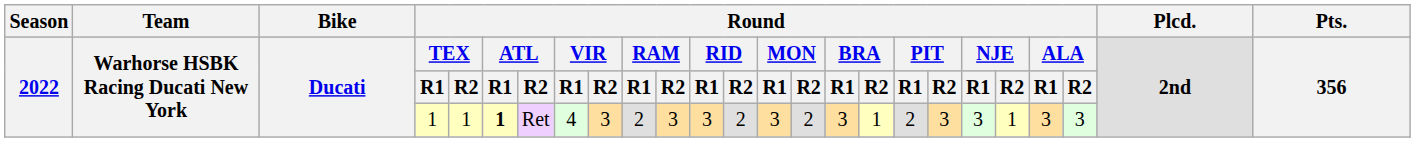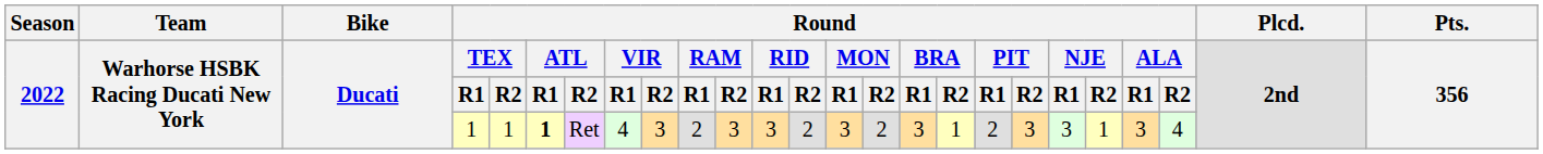 <table class="wikitable" style="font-size: 85%; text-align: center">
 <tr valign="top">
 <th valign="middle" style="width: 40px;">Season</th>
 <th valign="middle" style="width: 120px;">Team</th>
 <th valign="middle" style="width: 100px;">Bike</th>
 <th valign="middle" style="width: 100px;" colspan=20>Round</th>
 <th valign="middle" style="width: 100px;">Plcd.</th>
 <th valign="middle" style="width: 100px;">Pts.</th>
 </tr>
 <tr>
 <th rowspan=3><a href='#'>2022</a></th>
 <th rowspan=3>Warhorse HSBK Racing Ducati New York</th>
 <th rowspan=3><a href='#'>Ducati</a></th>
 <th colspan=2><a href='#'>TEX</a><br></th>
 <th colspan=2><a href='#'>ATL</a><br></th>
 <th colspan=2><a href='#'>VIR</a><br></th>
 <th colspan=2><a href='#'>RAM</a><br></th>
 <th colspan=2><a href='#'>RID</a><br></th>
 <th colspan=2><a href='#'>MON</a><br></th>
 <th colspan=2><a href='#'>BRA</a><br></th>
 <th colspan=2><a href='#'>PIT</a><br></th>
 <th colspan=2><a href='#'>NJE</a><br></th>
 <th colspan=2><a href='#'>ALA</a><br></th>
 <th rowspan=3 style="background:#dfdfdf;"><strong>2nd</strong></th>
 <th rowspan=3>356</th>
 </tr>
 <tr>
 <th>R1</th>
 <th>R2</th>
 <th>R1</th>
 <th>R2</th>
 <th>R1</th>
 <th>R2</th>
 <th>R1</th>
 <th>R2</th>
 <th>R1</th>
 <th>R2</th>
 <th>R1</th>
 <th>R2</th>
 <th>R1</th>
 <th>R2</th>
 <th>R1</th>
 <th>R2</th>
 <th>R1</th>
 <th>R2</th>
 <th>R1</th>
 <th>R2</th>
 </tr>
 <tr>
 <td style="background:#ffffbf;">1</td>
 <td style="background:#ffffbf;">1</td>
 <td style="background:#ffffbf;"><strong>1</strong></td>
 <td style="background:#efcfff;">Ret</td>
 <td style="background:#dfffdf;">4</td>
 <td style="background:#ffdf9f;">3</td>
 <td style="background:#dfdfdf;">2</td>
 <td style="background:#ffdf9f;">3</td>
 <td style="background:#ffdf9f;">3</td>
 <td style="background:#dfdfdf;">2</td>
 <td style="background:#ffdf9f;">3</td>
 <td style="background:#dfdfdf;">2</td>
 <td style="background:#ffdf9f;">3</td>
 <td style="background:#ffffbf;">1</td>
 <td style="background:#dfdfdf;">2</td>
 <td style="background:#ffdf9f;">3</td>
 <td style="background:#dfffdf;">3</td>
 <td style="background:#ffffbf;">1</td>
 <td style="background:#ffdf9f;">3</td>
-<td style="background:#dfffdf;">3</td>
+<td style="background:#dfffdf;">4</td>
 </tr>
 </table>
